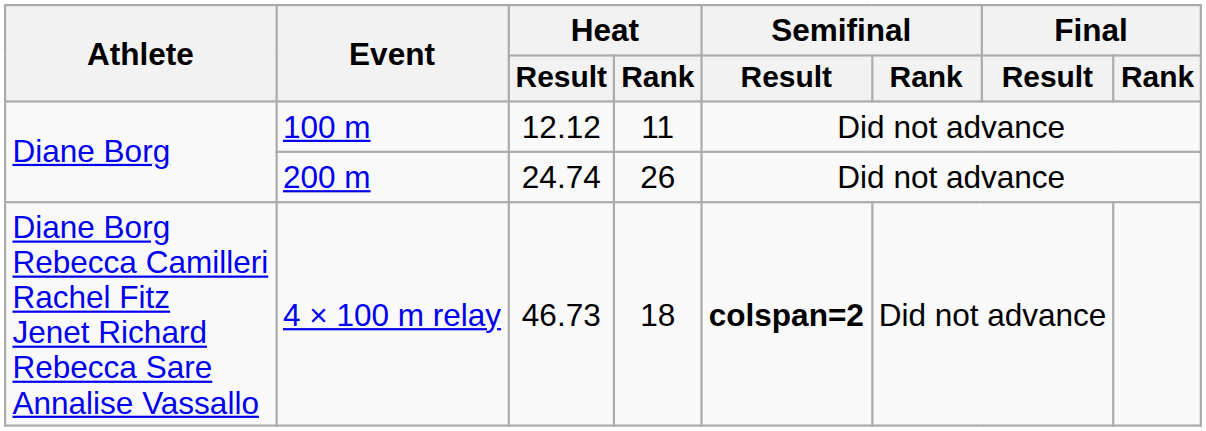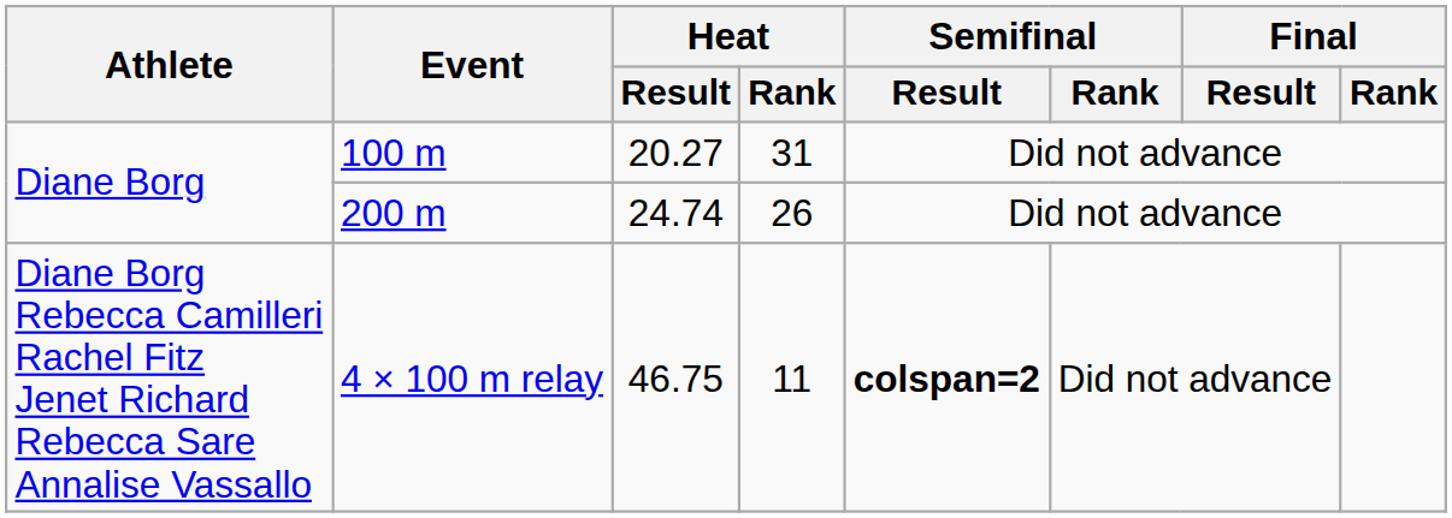 <table class="wikitable" style="font-size:90%">
 <tr>
 <th rowspan=2>Athlete</th>
 <th rowspan=2>Event</th>
 <th colspan=2>Heat</th>
 <th colspan=2>Semifinal</th>
 <th colspan=2>Final</th>
 </tr>
 <tr style="font-size:95%">
 <th>Result</th>
 <th>Rank</th>
 <th>Result</th>
 <th>Rank</th>
 <th>Result</th>
 <th>Rank</th>
 </tr>
 <tr align=center>
 <td align=left rowspan=2><a href='#'>Diane Borg</a></td>
 <td align=left><a href='#'>100 m</a></td>
-<td>12.12</td>
-<td>11</td>
+<td>20.27</td>
+<td>31</td>
 <td colspan=4>Did not advance</td>
 </tr>
 <tr align=center>
 <td align=left><a href='#'>200 m</a></td>
 <td>24.74</td>
 <td>26</td>
 <td colspan=4>Did not advance</td>
 </tr>
 <tr align=center>
 <td align=left><a href='#'>Diane Borg</a><br><a href='#'>Rebecca Camilleri</a><br><a href='#'>Rachel Fitz</a><br><a href='#'>Jenet Richard</a><br><a href='#'>Rebecca Sare</a><br><a href='#'>Annalise Vassallo</a></td>
 <td align=left><a href='#'>4 × 100 m relay</a></td>
-<td>46.73</td>
-<td>18</td>
+<td>46.75</td>
+<td>11</td>
 <td><strong>colspan=2 </strong></td>
 <td colspan=2>Did not advance</td>
 </tr>
 </table>
